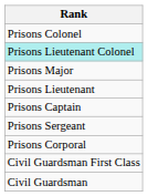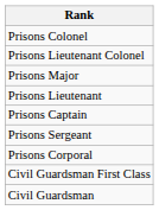 <table class="wikitable" style="display: inline-table;">
 <tr>
 <th>Rank</th>
 </tr>
 <tr>
 <td>Prisons Colonel</td>
 </tr>
 <tr>
-<td style="background: paleturquoise;">Prisons Lieutenant Colonel</td>
+<td>Prisons Lieutenant Colonel</td>
 </tr>
 <tr>
 <td>Prisons Major</td>
 </tr>
 <tr>
 <td>Prisons Lieutenant</td>
 </tr>
 <tr>
 <td>Prisons Captain</td>
 </tr>
 <tr>
 <td>Prisons Sergeant</td>
 </tr>
 <tr>
 <td>Prisons Corporal</td>
 </tr>
 <tr>
 <td>Civil Guardsman First Class</td>
 </tr>
 <tr>
 <td>Civil Guardsman</td>
 </tr>
 </table>
